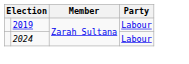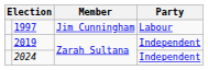 <table class="wikitable">
 <tr>
 <th colspan="2">Election</th>
 <th>Member</th>
 <th>Party</th>
 </tr>
 <tr>
 <td style="color:inherit;background-color: "></td>
-<td><a href='#'>2019</a></td>
-<td rowspan="2"><a href='#'>Zarah Sultana</a></td>
+<td><a href='#'>1997</a></td>
+<td><a href='#'>Jim Cunningham</a></td>
 <td><a href='#'>Labour</a></td>
 </tr>
 <tr>
 <td style="color:inherit;background-color: "></td>
+<td><a href='#'>2019</a></td>
+<td rowspan="2"><a href='#'>Zarah Sultana</a></td>
+<td><a href='#'>Independent</a></td>
+</tr>
+<tr>
+<td style="color:inherit;background-color: "></td>
 <td><em>2024</em></td>
-<td><a href='#'>Labour</a></td>
+<td><a href='#'>Independent</a></td>
 </tr>
 </table>
